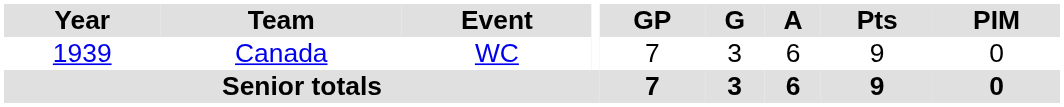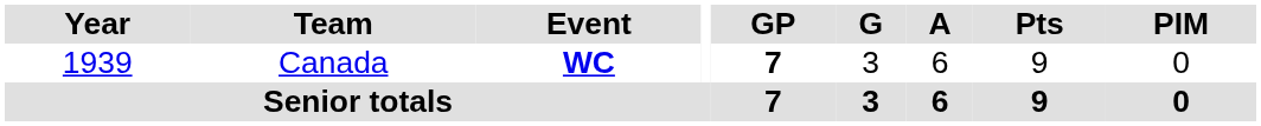 <table border="0" cellpadding="1" cellspacing="0" ID="Table3" style="text-align:center; width:40em">
 <tr bgcolor="#e0e0e0">
 <th>Year</th>
 <th>Team</th>
 <th>Event</th>
 <th rowspan="102" bgcolor="#ffffff"></th>
 <th>GP</th>
 <th>G</th>
 <th>A</th>
 <th>Pts</th>
 <th>PIM</th>
 </tr>
 <tr>
 <td><a href='#'>1939</a></td>
 <td><a href='#'>Canada</a></td>
-<td><a href='#'>WC</a></td>
-<td>7</td>
+<td><strong><a href='#'>WC</a></strong></td>
+<td><strong>7</strong></td>
 <td>3</td>
 <td>6</td>
 <td>9</td>
 <td>0</td>
 </tr>
 <tr bgcolor="#e0e0e0">
 <th colspan="4">Senior totals</th>
 <th>7</th>
 <th>3</th>
 <th>6</th>
 <th>9</th>
 <th>0</th>
 </tr>
 </table>
